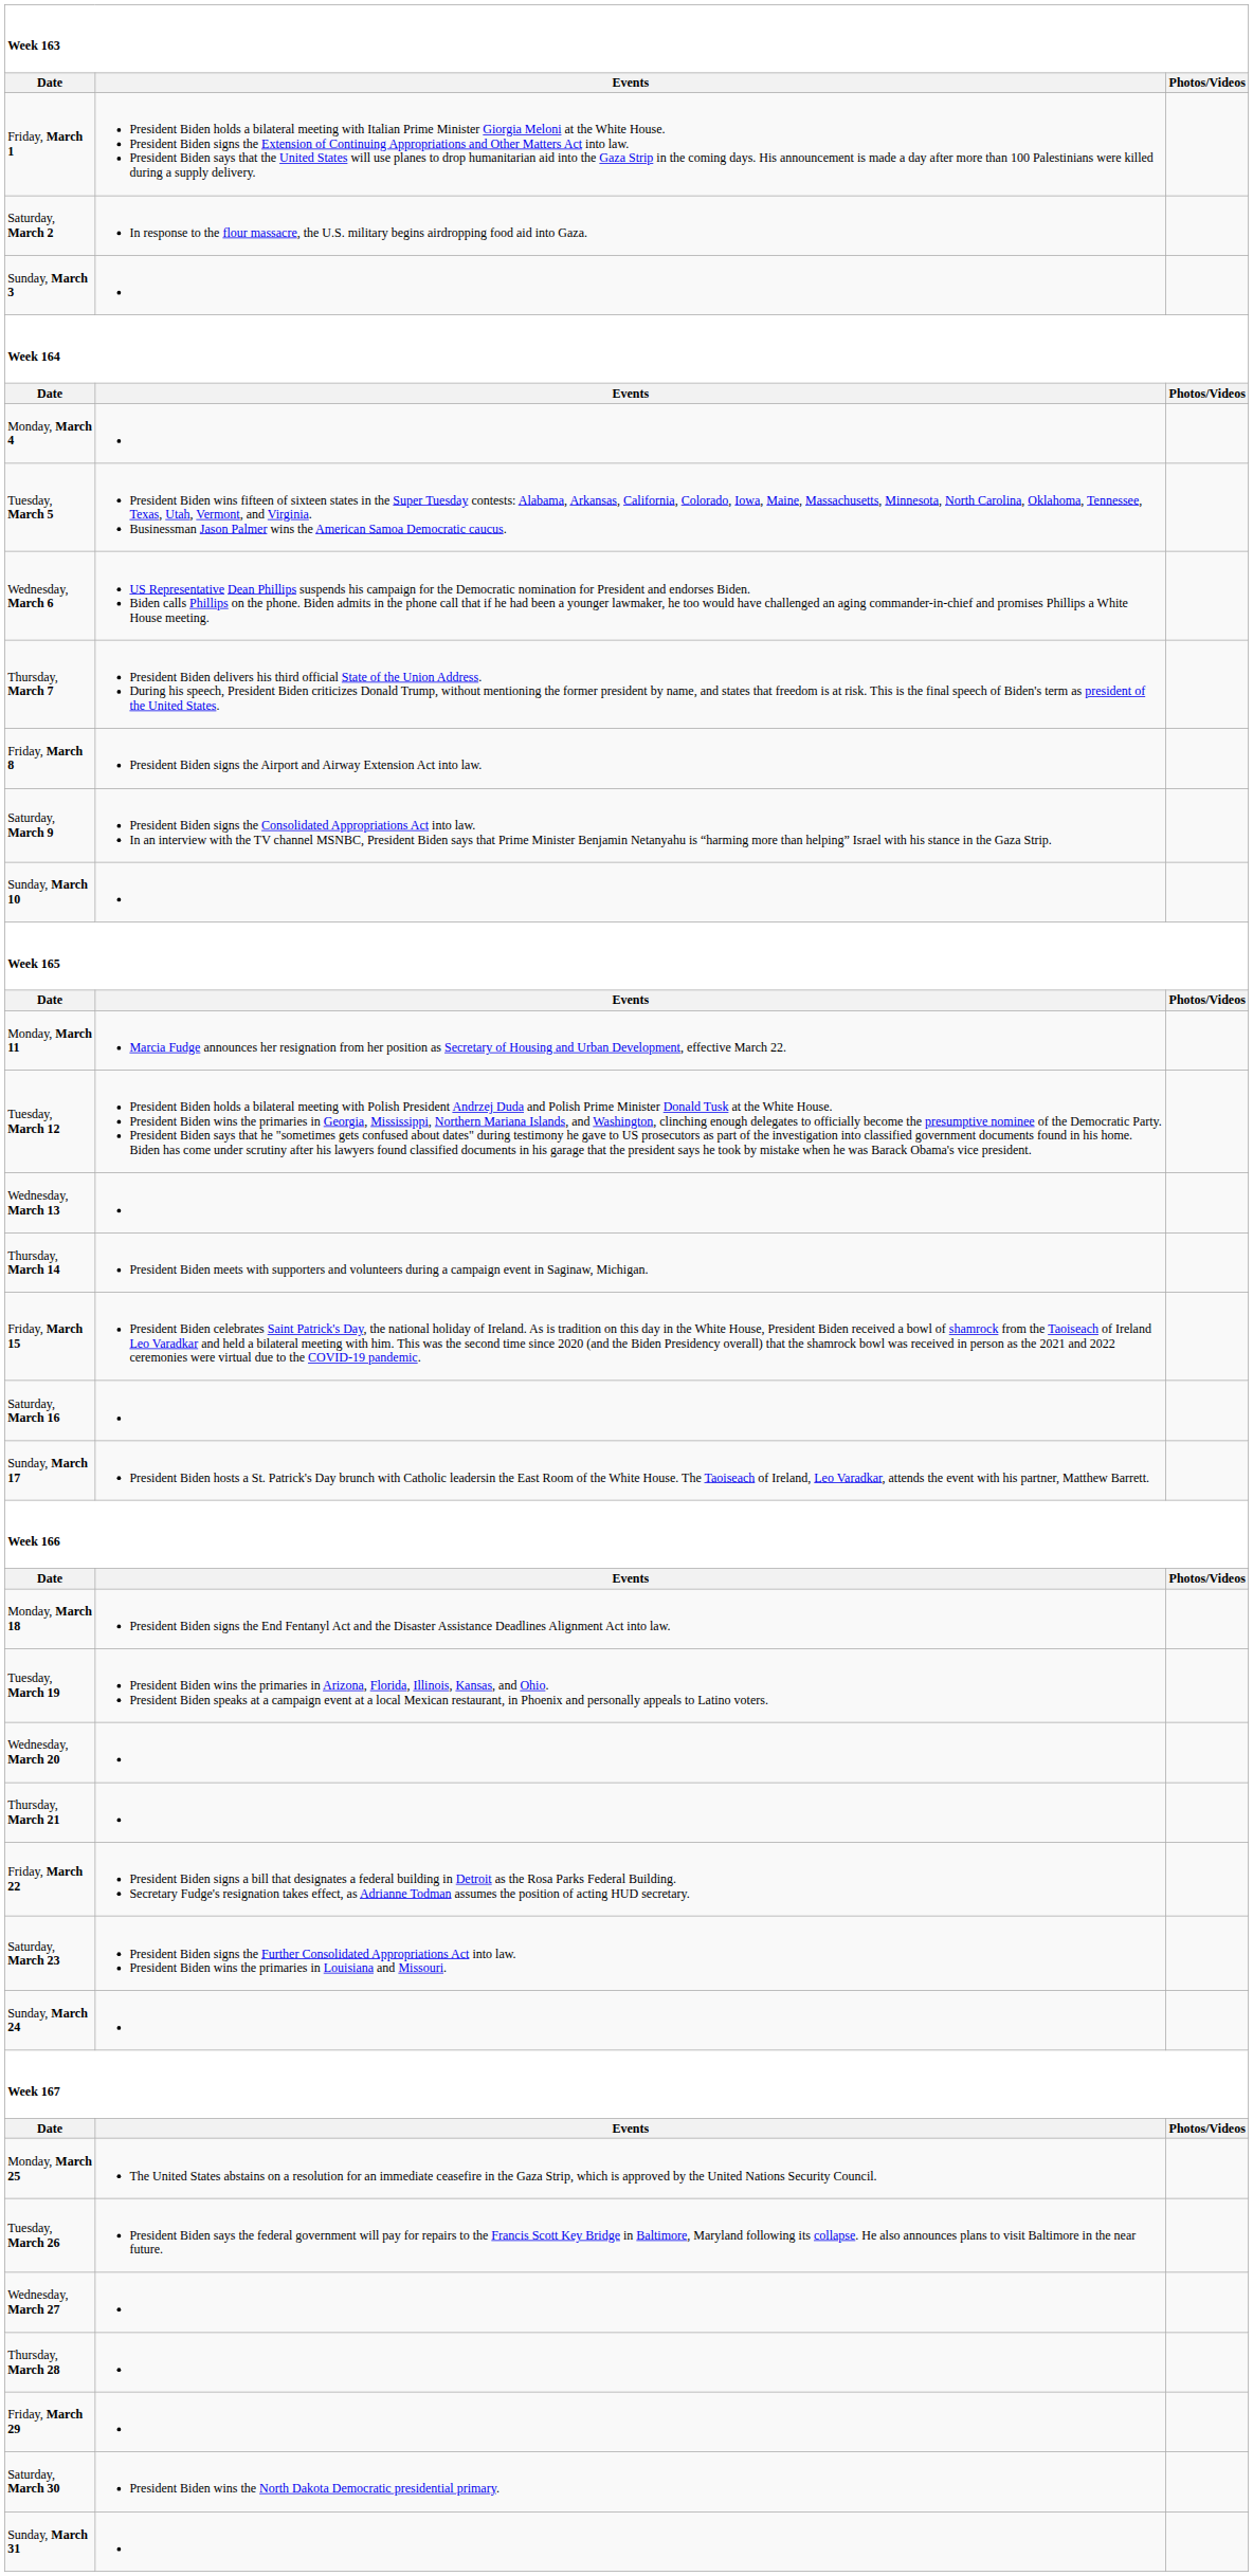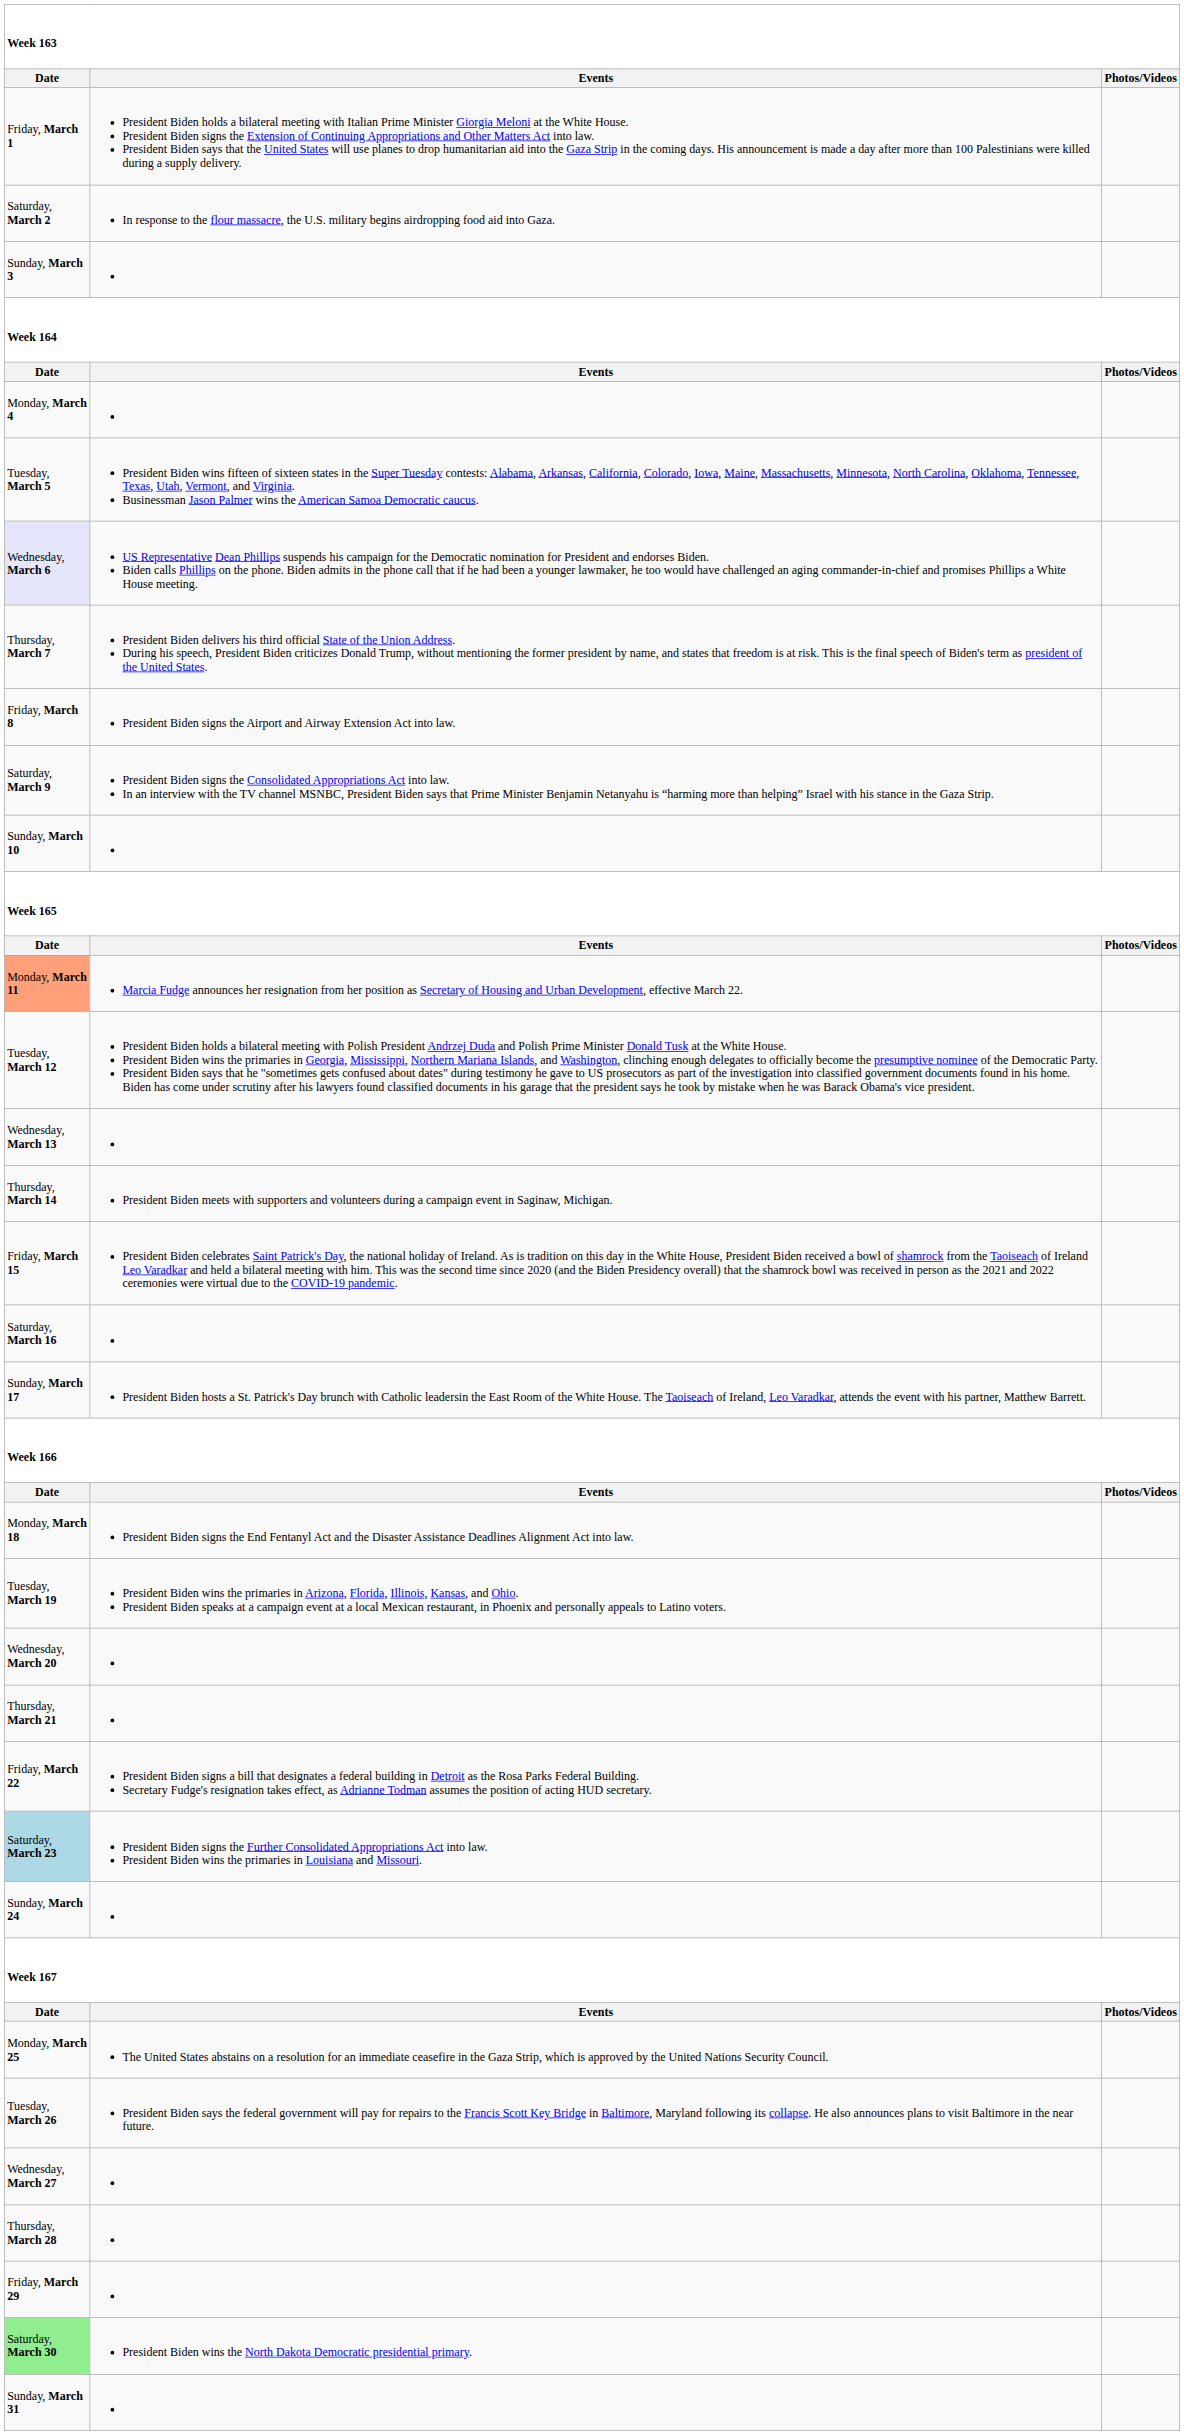 <table class="wikitable">
 <tr style="background:white;">
 <td colspan="3"><br><h4>Week 163</h4></td>
 </tr>
 <tr>
 <th>Date</th>
 <th>Events</th>
 <th>Photos/Videos</th>
 </tr>
 <tr>
 <td>Friday, <strong>March 1</strong></td>
 <td><br><ul><li>President Biden holds a bilateral meeting with Italian Prime Minister <a href='#'>Giorgia Meloni</a> at the White House.</li><li>President Biden signs the <a href='#'>Extension of Continuing Appropriations and Other Matters Act</a> into law.</li><li>President Biden says that the <a href='#'>United States</a> will use planes to drop humanitarian aid into the <a href='#'>Gaza Strip</a> in the coming days. His announcement is made a day after more than 100 Palestinians were killed during a supply delivery.</li></ul></td>
 <td></td>
 </tr>
 <tr>
 <td>Saturday, <strong>March 2</strong></td>
 <td><br><ul><li>In response to the <a href='#'>flour massacre</a>, the U.S. military begins airdropping food aid into Gaza.</li></ul></td>
 <td></td>
 </tr>
 <tr>
 <td>Sunday, <strong>March 3</strong></td>
 <td><br><ul><li></li></ul></td>
 <td></td>
 </tr>
 <tr style="background:white;">
 <td colspan="3"><br><h4>Week 164</h4></td>
 </tr>
 <tr>
 <th>Date</th>
 <th>Events</th>
 <th>Photos/Videos</th>
 </tr>
 <tr>
 <td>Monday, <strong>March 4</strong></td>
 <td><br><ul><li></li></ul></td>
 <td></td>
 </tr>
 <tr>
 <td>Tuesday, <strong>March 5</strong></td>
 <td><br><ul><li>President Biden wins fifteen of sixteen states in the <a href='#'>Super Tuesday</a> contests: <a href='#'>Alabama</a>, <a href='#'>Arkansas</a>, <a href='#'>California</a>, <a href='#'>Colorado</a>, <a href='#'>Iowa</a>, <a href='#'>Maine</a>, <a href='#'>Massachusetts</a>, <a href='#'>Minnesota</a>, <a href='#'>North Carolina</a>, <a href='#'>Oklahoma</a>, <a href='#'>Tennessee</a>, <a href='#'>Texas</a>, <a href='#'>Utah</a>, <a href='#'>Vermont</a>, and <a href='#'>Virginia</a>.</li><li>Businessman <a href='#'>Jason Palmer</a> wins the <a href='#'>American Samoa Democratic caucus</a>.</li></ul></td>
 <td></td>
 </tr>
 <tr>
-<td>Wednesday, <strong>March 6</strong></td>
+<td style="background: lavender;">Wednesday, <strong>March 6</strong></td>
 <td><br><ul><li><a href='#'>US Representative</a> <a href='#'>Dean Phillips</a> suspends his campaign for the Democratic nomination for President and endorses Biden.</li><li>Biden calls <a href='#'>Phillips</a> on the phone. Biden admits in the phone call that if he had been a younger lawmaker, he too would have challenged an aging commander-in-chief and promises Phillips a White House meeting.</li></ul></td>
 <td></td>
 </tr>
 <tr>
 <td>Thursday, <strong>March 7</strong></td>
 <td><br><ul><li>President Biden delivers his third official <a href='#'>State of the Union Address</a>.</li><li>During his speech, President Biden criticizes Donald Trump, without mentioning the former president by name, and states that freedom is at risk. This is the final speech of Biden's term as <a href='#'>president of the United States</a>.</li></ul></td>
 <td></td>
 </tr>
 <tr>
 <td>Friday, <strong>March 8</strong></td>
 <td><br><ul><li>President Biden signs the Airport and Airway Extension Act into law.</li></ul></td>
 <td></td>
 </tr>
 <tr>
 <td>Saturday, <strong>March 9</strong></td>
 <td><br><ul><li>President Biden signs the <a href='#'>Consolidated Appropriations Act</a> into law.</li><li>In an interview with the TV channel MSNBC, President Biden says that Prime Minister Benjamin Netanyahu is “harming more than helping” Israel with his stance in the Gaza Strip.</li></ul></td>
 <td></td>
 </tr>
 <tr>
 <td>Sunday, <strong>March 10</strong></td>
 <td><br><ul><li></li></ul></td>
 <td></td>
 </tr>
 <tr style="background:white;">
 <td colspan="3"><br><h4>Week 165</h4></td>
 </tr>
 <tr>
 <th>Date</th>
 <th>Events</th>
 <th>Photos/Videos</th>
 </tr>
 <tr>
-<td>Monday, <strong>March 11</strong></td>
+<td style="background: lightsalmon;">Monday, <strong>March 11</strong></td>
 <td><br><ul><li><a href='#'>Marcia Fudge</a> announces her resignation from her position as <a href='#'>Secretary of Housing and Urban Development</a>, effective March 22.</li></ul></td>
 <td></td>
 </tr>
 <tr>
 <td>Tuesday, <strong>March 12</strong></td>
 <td><br><ul><li>President Biden holds a bilateral meeting with Polish President <a href='#'>Andrzej Duda</a> and Polish Prime Minister <a href='#'>Donald Tusk</a> at the White House.</li><li>President Biden wins the primaries in <a href='#'>Georgia</a>, <a href='#'>Mississippi</a>, <a href='#'>Northern Mariana Islands</a>, and <a href='#'>Washington</a>, clinching enough delegates to officially become the <a href='#'>presumptive nominee</a> of the Democratic Party.</li><li>President Biden says that he "sometimes gets confused about dates" during testimony he gave to US prosecutors as part of the investigation into classified government documents found in his home. Biden has come under scrutiny after his lawyers found classified documents in his garage that the president says he took by mistake when he was Barack Obama's vice president.</li></ul></td>
 <td></td>
 </tr>
 <tr>
 <td>Wednesday, <strong>March 13</strong></td>
 <td><br><ul><li></li></ul></td>
 <td></td>
 </tr>
 <tr>
 <td>Thursday, <strong>March 14</strong></td>
 <td><br><ul><li>President Biden meets with supporters and volunteers during a campaign event in Saginaw, Michigan.</li></ul></td>
 <td></td>
 </tr>
 <tr>
 <td>Friday, <strong>March 15</strong></td>
 <td><br><ul><li>President Biden celebrates <a href='#'>Saint Patrick's Day</a>, the national holiday of Ireland. As is tradition on this day in the White House, President Biden received a bowl of <a href='#'>shamrock</a> from the <a href='#'>Taoiseach</a> of Ireland <a href='#'>Leo Varadkar</a> and held a bilateral meeting with him. This was the second time since 2020 (and the Biden Presidency overall) that the shamrock bowl was received in person as the 2021 and 2022 ceremonies were virtual due to the <a href='#'>COVID-19 pandemic</a>.</li></ul></td>
 <td></td>
 </tr>
 <tr>
 <td>Saturday, <strong>March 16</strong></td>
 <td><br><ul><li></li></ul></td>
 <td></td>
 </tr>
 <tr>
 <td>Sunday, <strong>March 17</strong></td>
 <td><br><ul><li>President Biden hosts a St. Patrick's Day brunch with Catholic leadersin the East Room of the White House. The <a href='#'>Taoiseach</a> of Ireland, <a href='#'>Leo Varadkar</a>, attends the event with his partner, Matthew Barrett.</li></ul></td>
 <td></td>
 </tr>
 <tr style="background:white;">
 <td colspan="3"><br><h4>Week 166</h4></td>
 </tr>
 <tr>
 <th>Date</th>
 <th>Events</th>
 <th>Photos/Videos</th>
 </tr>
 <tr>
 <td>Monday, <strong>March 18</strong></td>
 <td><br><ul><li>President Biden signs the End Fentanyl Act and the Disaster Assistance Deadlines Alignment Act into law.</li></ul></td>
 <td></td>
 </tr>
 <tr>
 <td>Tuesday, <strong>March 19</strong></td>
 <td><br><ul><li>President Biden wins the primaries in <a href='#'>Arizona</a>, <a href='#'>Florida</a>, <a href='#'>Illinois</a>, <a href='#'>Kansas</a>, and <a href='#'>Ohio</a>.</li><li>President Biden speaks at a campaign event at a local Mexican restaurant, in Phoenix and personally appeals to Latino voters.</li></ul></td>
 <td></td>
 </tr>
 <tr>
 <td>Wednesday, <strong>March 20</strong></td>
 <td><br><ul><li></li></ul></td>
 <td></td>
 </tr>
 <tr>
 <td>Thursday, <strong>March 21</strong></td>
 <td><br><ul><li></li></ul></td>
 <td></td>
 </tr>
 <tr>
 <td>Friday, <strong>March 22</strong></td>
 <td><br><ul><li>President Biden signs a bill that designates a federal building in <a href='#'>Detroit</a> as the Rosa Parks Federal Building.</li><li>Secretary Fudge's resignation takes effect, as <a href='#'>Adrianne Todman</a> assumes the position of acting HUD secretary.</li></ul></td>
 <td></td>
 </tr>
 <tr>
-<td>Saturday, <strong>March 23</strong></td>
+<td style="background: lightblue;">Saturday, <strong>March 23</strong></td>
 <td><br><ul><li>President Biden signs the <a href='#'>Further Consolidated Appropriations Act</a> into law.</li><li>President Biden wins the primaries in <a href='#'>Louisiana</a> and <a href='#'>Missouri</a>.</li></ul></td>
 <td></td>
 </tr>
 <tr>
 <td>Sunday, <strong>March 24</strong></td>
 <td><br><ul><li></li></ul></td>
 <td></td>
 </tr>
 <tr style="background:white;">
 <td colspan="3"><br><h4>Week 167</h4></td>
 </tr>
 <tr>
 <th>Date</th>
 <th>Events</th>
 <th>Photos/Videos</th>
 </tr>
 <tr>
 <td>Monday, <strong>March 25</strong></td>
 <td><br><ul><li>The United States abstains on a resolution for an immediate ceasefire in the Gaza Strip, which is approved by the United Nations Security Council.</li></ul></td>
 <td></td>
 </tr>
 <tr>
 <td>Tuesday, <strong>March 26</strong></td>
 <td><br><ul><li>President Biden says the federal government will pay for repairs to the <a href='#'>Francis Scott Key Bridge</a> in <a href='#'>Baltimore</a>, Maryland following its <a href='#'>collapse</a>. He also announces plans to visit Baltimore in the near future.</li></ul></td>
 <td></td>
 </tr>
 <tr>
 <td>Wednesday, <strong>March 27</strong></td>
 <td><br><ul><li></li></ul></td>
 <td></td>
 </tr>
 <tr>
 <td>Thursday, <strong>March 28</strong></td>
 <td><br><ul><li></li></ul></td>
 <td></td>
 </tr>
 <tr>
 <td>Friday, <strong>March 29</strong></td>
 <td><br><ul><li></li></ul></td>
 <td></td>
 </tr>
 <tr>
-<td>Saturday, <strong>March 30</strong></td>
+<td style="background: lightgreen;">Saturday, <strong>March 30</strong></td>
 <td><br><ul><li>President Biden wins the <a href='#'>North Dakota Democratic presidential primary</a>.</li></ul></td>
 <td></td>
 </tr>
 <tr>
 <td>Sunday, <strong>March 31</strong></td>
 <td><br><ul><li></li></ul></td>
 <td></td>
 </tr>
 </table>
